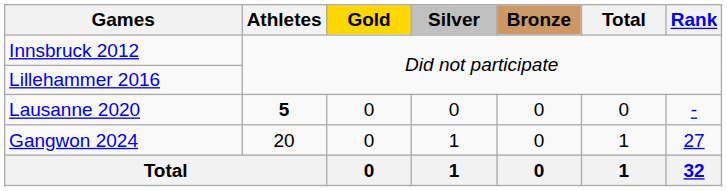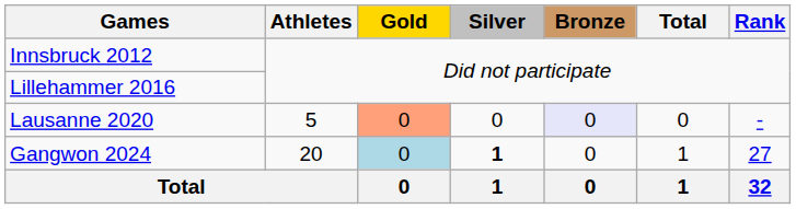 <table class="wikitable" style="text-align:center; font-size:90%;">
 <tr>
 <th style="width:12em;">Games</th>
 <th style="width:4em;">Athletes</th>
 <th style="width:4em; background:gold;">Gold</th>
 <th style="width:4em; background:silver;">Silver</th>
 <th style="width:4em; background:#cc9966;">Bronze</th>
 <th style="width:4em;">Total</th>
 <th style="width:2em;"><a href='#'>Rank</a></th>
 </tr>
 <tr>
 <td align=left> <a href='#'>Innsbruck 2012</a></td>
 <td colspan=6 rowspan="2"><em>Did not participate</em></td>
 </tr>
 <tr>
 <td align=left> <a href='#'>Lillehammer 2016</a></td>
 </tr>
 <tr>
 <td align=left> <a href='#'>Lausanne 2020</a></td>
-<td><strong>5</strong></td>
+<td>5</td>
+<td style="background: lightsalmon;">0</td>
 <td>0</td>
-<td>0</td>
-<td>0</td>
+<td style="background: lavender;">0</td>
 <td>0</td>
 <td><a href='#'>-</a></td>
 </tr>
 <tr>
 <td align=left> <a href='#'>Gangwon 2024</a></td>
 <td>20</td>
-<td>0</td>
-<td>1</td>
+<td style="background: lightblue;">0</td>
+<td><strong>1</strong></td>
 <td>0</td>
 <td>1</td>
 <td><a href='#'>27</a></td>
 </tr>
 <tr>
 <th colspan=2>Total</th>
 <th>0</th>
 <th>1</th>
 <th>0</th>
 <th>1</th>
 <th><a href='#'>32</a></th>
 </tr>
 </table>
